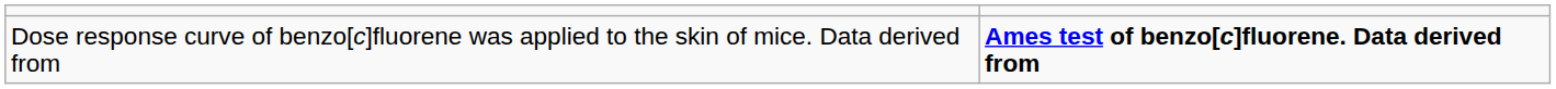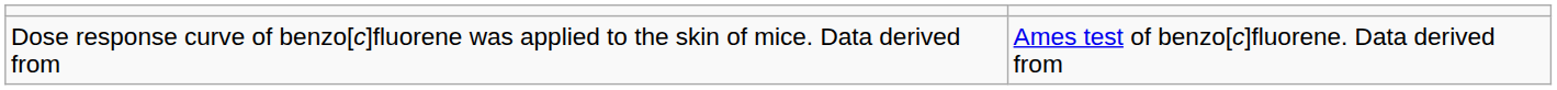 <table class="wikitable"| style="width:1000px; margin-left: auto; margin-right: auto; border: none;">
 <tr>
 <td></td>
 <td></td>
 </tr>
 <tr>
 <td>Dose response curve of benzo[<em>c</em>]fluorene was applied to the skin of mice. Data derived from </td>
-<td><strong><a href='#'>Ames test</a> of benzo[<em>c</em>]fluorene. Data derived from </strong></td>
+<td><a href='#'>Ames test</a> of benzo[<em>c</em>]fluorene. Data derived from </td>
 </tr>
 </table>
